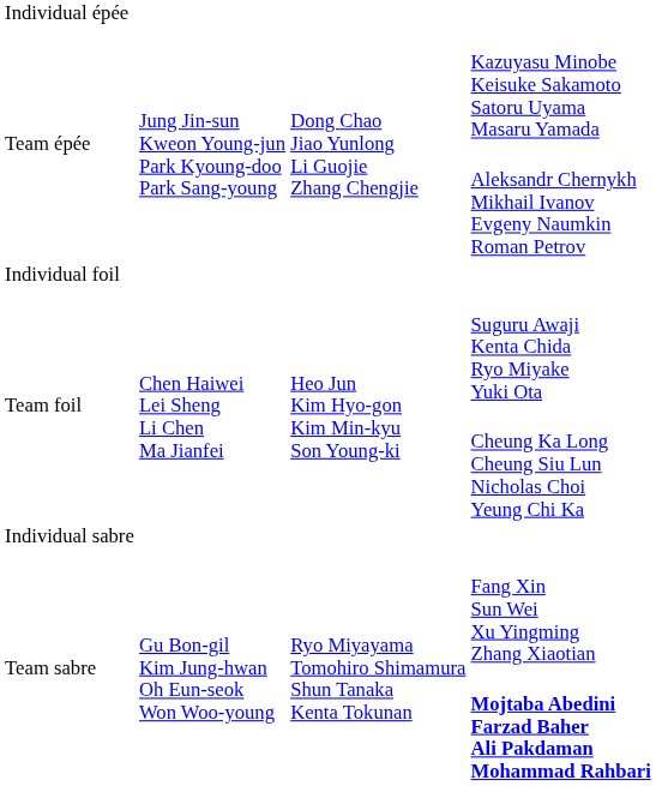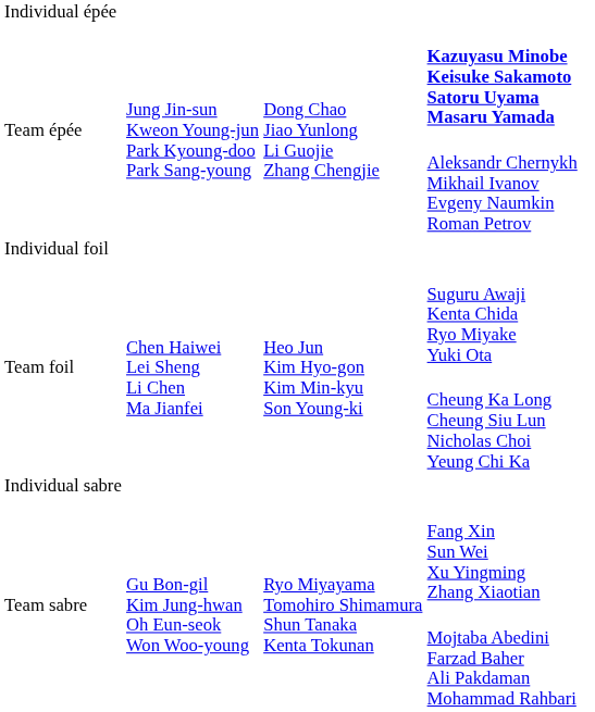 <table>
 <tr>
 <td rowspan=2>Individual épée</td>
 <td rowspan=2></td>
 <td rowspan=2></td>
 <td></td>
 </tr>
 <tr>
 <td></td>
 </tr>
 <tr>
 <td rowspan=2>Team épée</td>
 <td rowspan=2><br><a href='#'>Jung Jin-sun</a><br><a href='#'>Kweon Young-jun</a><br><a href='#'>Park Kyoung-doo</a><br><a href='#'>Park Sang-young</a></td>
 <td rowspan=2><br><a href='#'>Dong Chao</a><br><a href='#'>Jiao Yunlong</a><br><a href='#'>Li Guojie</a><br><a href='#'>Zhang Chengjie</a></td>
-<td><br><a href='#'>Kazuyasu Minobe</a><br><a href='#'>Keisuke Sakamoto</a><br><a href='#'>Satoru Uyama</a><br><a href='#'>Masaru Yamada</a></td>
+<td><strong><br><a href='#'>Kazuyasu Minobe</a><br><a href='#'>Keisuke Sakamoto</a><br><a href='#'>Satoru Uyama</a><br><a href='#'>Masaru Yamada</a></strong></td>
 </tr>
 <tr>
 <td><br><a href='#'>Aleksandr Chernykh</a><br><a href='#'>Mikhail Ivanov</a><br><a href='#'>Evgeny Naumkin</a><br><a href='#'>Roman Petrov</a></td>
 </tr>
 <tr>
 <td rowspan=2>Individual foil</td>
 <td rowspan=2></td>
 <td rowspan=2></td>
 <td></td>
 </tr>
 <tr>
 <td></td>
 </tr>
 <tr>
 <td rowspan=2>Team foil</td>
 <td rowspan=2><br><a href='#'>Chen Haiwei</a><br><a href='#'>Lei Sheng</a><br><a href='#'>Li Chen</a><br><a href='#'>Ma Jianfei</a></td>
 <td rowspan=2><br><a href='#'>Heo Jun</a><br><a href='#'>Kim Hyo-gon</a><br><a href='#'>Kim Min-kyu</a><br><a href='#'>Son Young-ki</a></td>
 <td><br><a href='#'>Suguru Awaji</a><br><a href='#'>Kenta Chida</a><br><a href='#'>Ryo Miyake</a><br><a href='#'>Yuki Ota</a></td>
 </tr>
 <tr>
 <td><br><a href='#'>Cheung Ka Long</a><br><a href='#'>Cheung Siu Lun</a><br><a href='#'>Nicholas Choi</a><br><a href='#'>Yeung Chi Ka</a></td>
 </tr>
 <tr>
 <td rowspan=2>Individual sabre</td>
 <td rowspan=2></td>
 <td rowspan=2></td>
 <td></td>
 </tr>
 <tr>
 <td></td>
 </tr>
 <tr>
 <td rowspan=2>Team sabre</td>
 <td rowspan=2><br><a href='#'>Gu Bon-gil</a><br><a href='#'>Kim Jung-hwan</a><br><a href='#'>Oh Eun-seok</a><br><a href='#'>Won Woo-young</a></td>
 <td rowspan=2><br><a href='#'>Ryo Miyayama</a><br><a href='#'>Tomohiro Shimamura</a><br><a href='#'>Shun Tanaka</a><br><a href='#'>Kenta Tokunan</a></td>
 <td><br><a href='#'>Fang Xin</a><br><a href='#'>Sun Wei</a><br><a href='#'>Xu Yingming</a><br><a href='#'>Zhang Xiaotian</a></td>
 </tr>
 <tr>
-<td><strong><br><a href='#'>Mojtaba Abedini</a><br><a href='#'>Farzad Baher</a><br><a href='#'>Ali Pakdaman</a><br><a href='#'>Mohammad Rahbari</a></strong></td>
+<td><br><a href='#'>Mojtaba Abedini</a><br><a href='#'>Farzad Baher</a><br><a href='#'>Ali Pakdaman</a><br><a href='#'>Mohammad Rahbari</a></td>
 </tr>
 </table>
